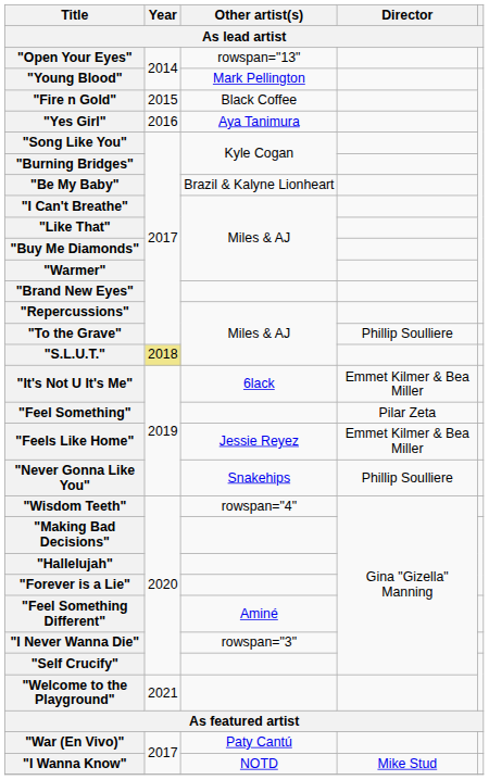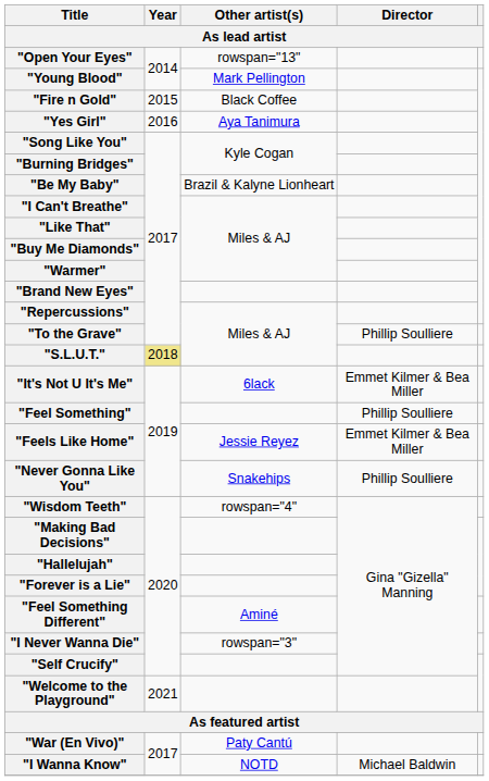 <table class="wikitable plainrowheaders" style="text-align:center;">
 <tr>
 <th scope="col" style="width:10em;">Title</th>
 <th scope="col">Year</th>
 <th scope="col">Other artist(s)</th>
 <th scope="col" style="width:10em;">Director</th>
 <th scope="col"></th>
 </tr>
 <tr>
 <th scope="col" colspan="5">As lead artist</th>
 </tr>
 <tr>
 <th scope="row">"Open Your Eyes"</th>
 <td rowspan="2">2014</td>
 <td>rowspan="13" </td>
 <td></td>
 <td></td>
 </tr>
 <tr>
 <th scope="row">"Young Blood"</th>
 <td><a href='#'>Mark Pellington</a></td>
 <td></td>
 </tr>
 <tr>
 <th scope="row">"Fire n Gold"</th>
 <td>2015</td>
 <td>Black Coffee</td>
 <td></td>
 </tr>
 <tr>
 <th scope="row">"Yes Girl"</th>
 <td>2016</td>
 <td><a href='#'>Aya Tanimura</a></td>
 <td></td>
 </tr>
 <tr>
 <th scope="row">"Song Like You"</th>
 <td rowspan="10">2017</td>
 <td rowspan="2">Kyle Cogan</td>
 <td></td>
 </tr>
 <tr>
 <th scope="row">"Burning Bridges"</th>
 <td></td>
 </tr>
 <tr>
 <th scope="row">"Be My Baby"</th>
 <td>Brazil & Kalyne Lionheart</td>
 <td></td>
 </tr>
 <tr>
 <th scope="row">"I Can't Breathe"</th>
 <td rowspan="4">Miles & AJ</td>
 <td></td>
 </tr>
 <tr>
 <th scope="row">"Like That"</th>
 <td></td>
 </tr>
 <tr>
 <th scope="row">"Buy Me Diamonds"</th>
 <td></td>
 </tr>
 <tr>
 <th scope="row">"Warmer"</th>
 <td></td>
 </tr>
 <tr>
 <th scope="row">"Brand New Eyes"</th>
 <td></td>
 <td></td>
 </tr>
 <tr>
 <th scope="row">"Repercussions"</th>
 <td rowspan="3">Miles & AJ</td>
 <td></td>
 </tr>
 <tr>
 <th scope="row">"To the Grave"</th>
 <td>Phillip Soulliere</td>
 <td></td>
 </tr>
 <tr>
 <th scope="row">"S.L.U.T."</th>
 <td style="background: khaki;">2018</td>
 <td></td>
 <td></td>
 </tr>
 <tr>
 <th scope="row">"It's Not U It's Me"</th>
 <td rowspan="4">2019</td>
 <td><a href='#'>6lack</a></td>
 <td>Emmet Kilmer & Bea Miller</td>
 <td></td>
 </tr>
 <tr>
 <th scope="row">"Feel Something"</th>
 <td></td>
-<td>Pilar Zeta</td>
+<td>Phillip Soulliere</td>
 <td></td>
 </tr>
 <tr>
 <th scope="row">"Feels Like Home"</th>
 <td><a href='#'>Jessie Reyez</a></td>
 <td>Emmet Kilmer & Bea Miller</td>
 <td></td>
 </tr>
 <tr>
 <th scope="row">"Never Gonna Like You"</th>
 <td><a href='#'>Snakehips</a></td>
 <td>Phillip Soulliere</td>
 <td></td>
 </tr>
 <tr>
 <th scope="row">"Wisdom Teeth"</th>
 <td rowspan="7">2020</td>
 <td>rowspan="4" </td>
 <td rowspan="7">Gina "Gizella" Manning</td>
 <td></td>
 </tr>
 <tr>
 <th scope="row">"Making Bad Decisions"</th>
 <td></td>
 </tr>
 <tr>
 <th scope="row">"Hallelujah"</th>
 <td></td>
 </tr>
 <tr>
 <th scope="row">"Forever is a Lie"</th>
 <td></td>
 </tr>
 <tr>
 <th scope="row">"Feel Something Different"</th>
 <td><a href='#'>Aminé</a></td>
 <td></td>
 </tr>
 <tr>
 <th scope="row">"I Never Wanna Die"</th>
 <td>rowspan="3" </td>
 <td></td>
 </tr>
 <tr>
 <th scope="row">"Self Crucify"</th>
 <td></td>
 </tr>
 <tr>
 <th scope="row">"Welcome to the Playground"</th>
 <td>2021</td>
 <td></td>
 <td></td>
 </tr>
 <tr>
 <th scope="col" colspan="5">As featured artist</th>
 </tr>
 <tr>
 <th scope="row">"War (En Vivo)"</th>
 <td rowspan="2">2017</td>
 <td><a href='#'>Paty Cantú</a></td>
 <td></td>
 <td></td>
 </tr>
 <tr>
 <th scope="row">"I Wanna Know"</th>
 <td><a href='#'>NOTD</a></td>
-<td><a href='#'>Mike Stud</a></td>
+<td>Michael Baldwin</td>
 <td></td>
 </tr>
 <tr>
 </tr>
 </table>
